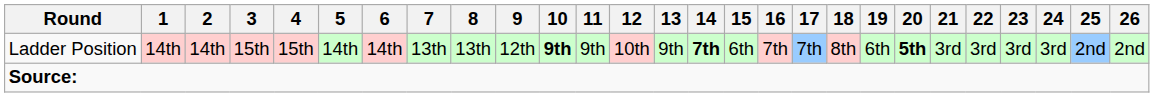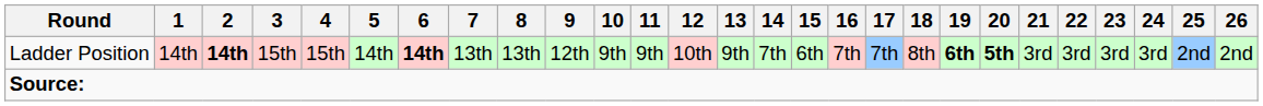 <table class="wikitable">
 <tr>
 <th>Round</th>
 <th>1</th>
 <th>2</th>
 <th>3</th>
 <th>4</th>
 <th>5</th>
 <th>6</th>
 <th>7</th>
 <th>8</th>
 <th>9</th>
 <th>10</th>
 <th>11</th>
 <th>12</th>
 <th>13</th>
 <th>14</th>
 <th>15</th>
 <th>16</th>
 <th>17</th>
 <th>18</th>
 <th>19</th>
 <th>20</th>
 <th>21</th>
 <th>22</th>
 <th>23</th>
 <th>24</th>
 <th>25</th>
 <th>26</th>
 </tr>
 <tr>
 <td>Ladder Position</td>
 <td style="text-align:center; background:#FFCFCF">14th</td>
-<td style="text-align:center; background:#FFCFCF">14th</td>
+<td style="text-align:center; background:#FFCFCF"><strong>14th</strong></td>
 <td style="text-align:center; background:#FFCFCF">15th</td>
 <td style="text-align:center; background:#FFCFCF">15th</td>
 <td style="text-align:center; background:#cfc;">14th</td>
-<td style="text-align:center; background:#FFCFCF">14th</td>
+<td style="text-align:center; background:#FFCFCF"><strong>14th</strong></td>
 <td style="text-align:center; background:#cfc;">13th</td>
 <td style="text-align:center; background:#cfc;">13th</td>
 <td style="text-align:center; background:#cfc;">12th</td>
-<td style="text-align:center; background:#cfc;"><strong>9th</strong></td>
+<td style="text-align:center; background:#cfc;">9th</td>
 <td style="text-align:center; background:#cfc;">9th</td>
 <td style="text-align:center; background:#FFCFCF">10th</td>
 <td style="text-align:center; background:#cfc;">9th</td>
-<td style="text-align:center; background:#cfc;"><strong>7th</strong></td>
+<td style="text-align:center; background:#cfc;">7th</td>
 <td style="text-align:center; background:#cfc;">6th</td>
 <td style="text-align:center; background:#FFCFCF">7th</td>
 <td style="text-align:center; background:#99ccff">7th</td>
 <td style="text-align:center; background:#FFCFCF">8th</td>
-<td style="text-align:center; background:#cfc;">6th</td>
+<td style="text-align:center; background:#cfc;"><strong>6th</strong></td>
 <td style="text-align:center; background:#cfc;"><strong>5th</strong></td>
 <td style="text-align:center; background:#cfc;">3rd</td>
 <td style="text-align:center; background:#cfc;">3rd</td>
 <td style="text-align:center; background:#cfc;">3rd</td>
 <td style="text-align:center; background:#cfc;">3rd</td>
 <td style="text-align:center; background:#99ccff">2nd</td>
 <td style="text-align:center; background:#cfc;">2nd</td>
 </tr>
 <tr>
 <td colspan="27"><strong>Source:</strong></td>
 </tr>
 </table>
